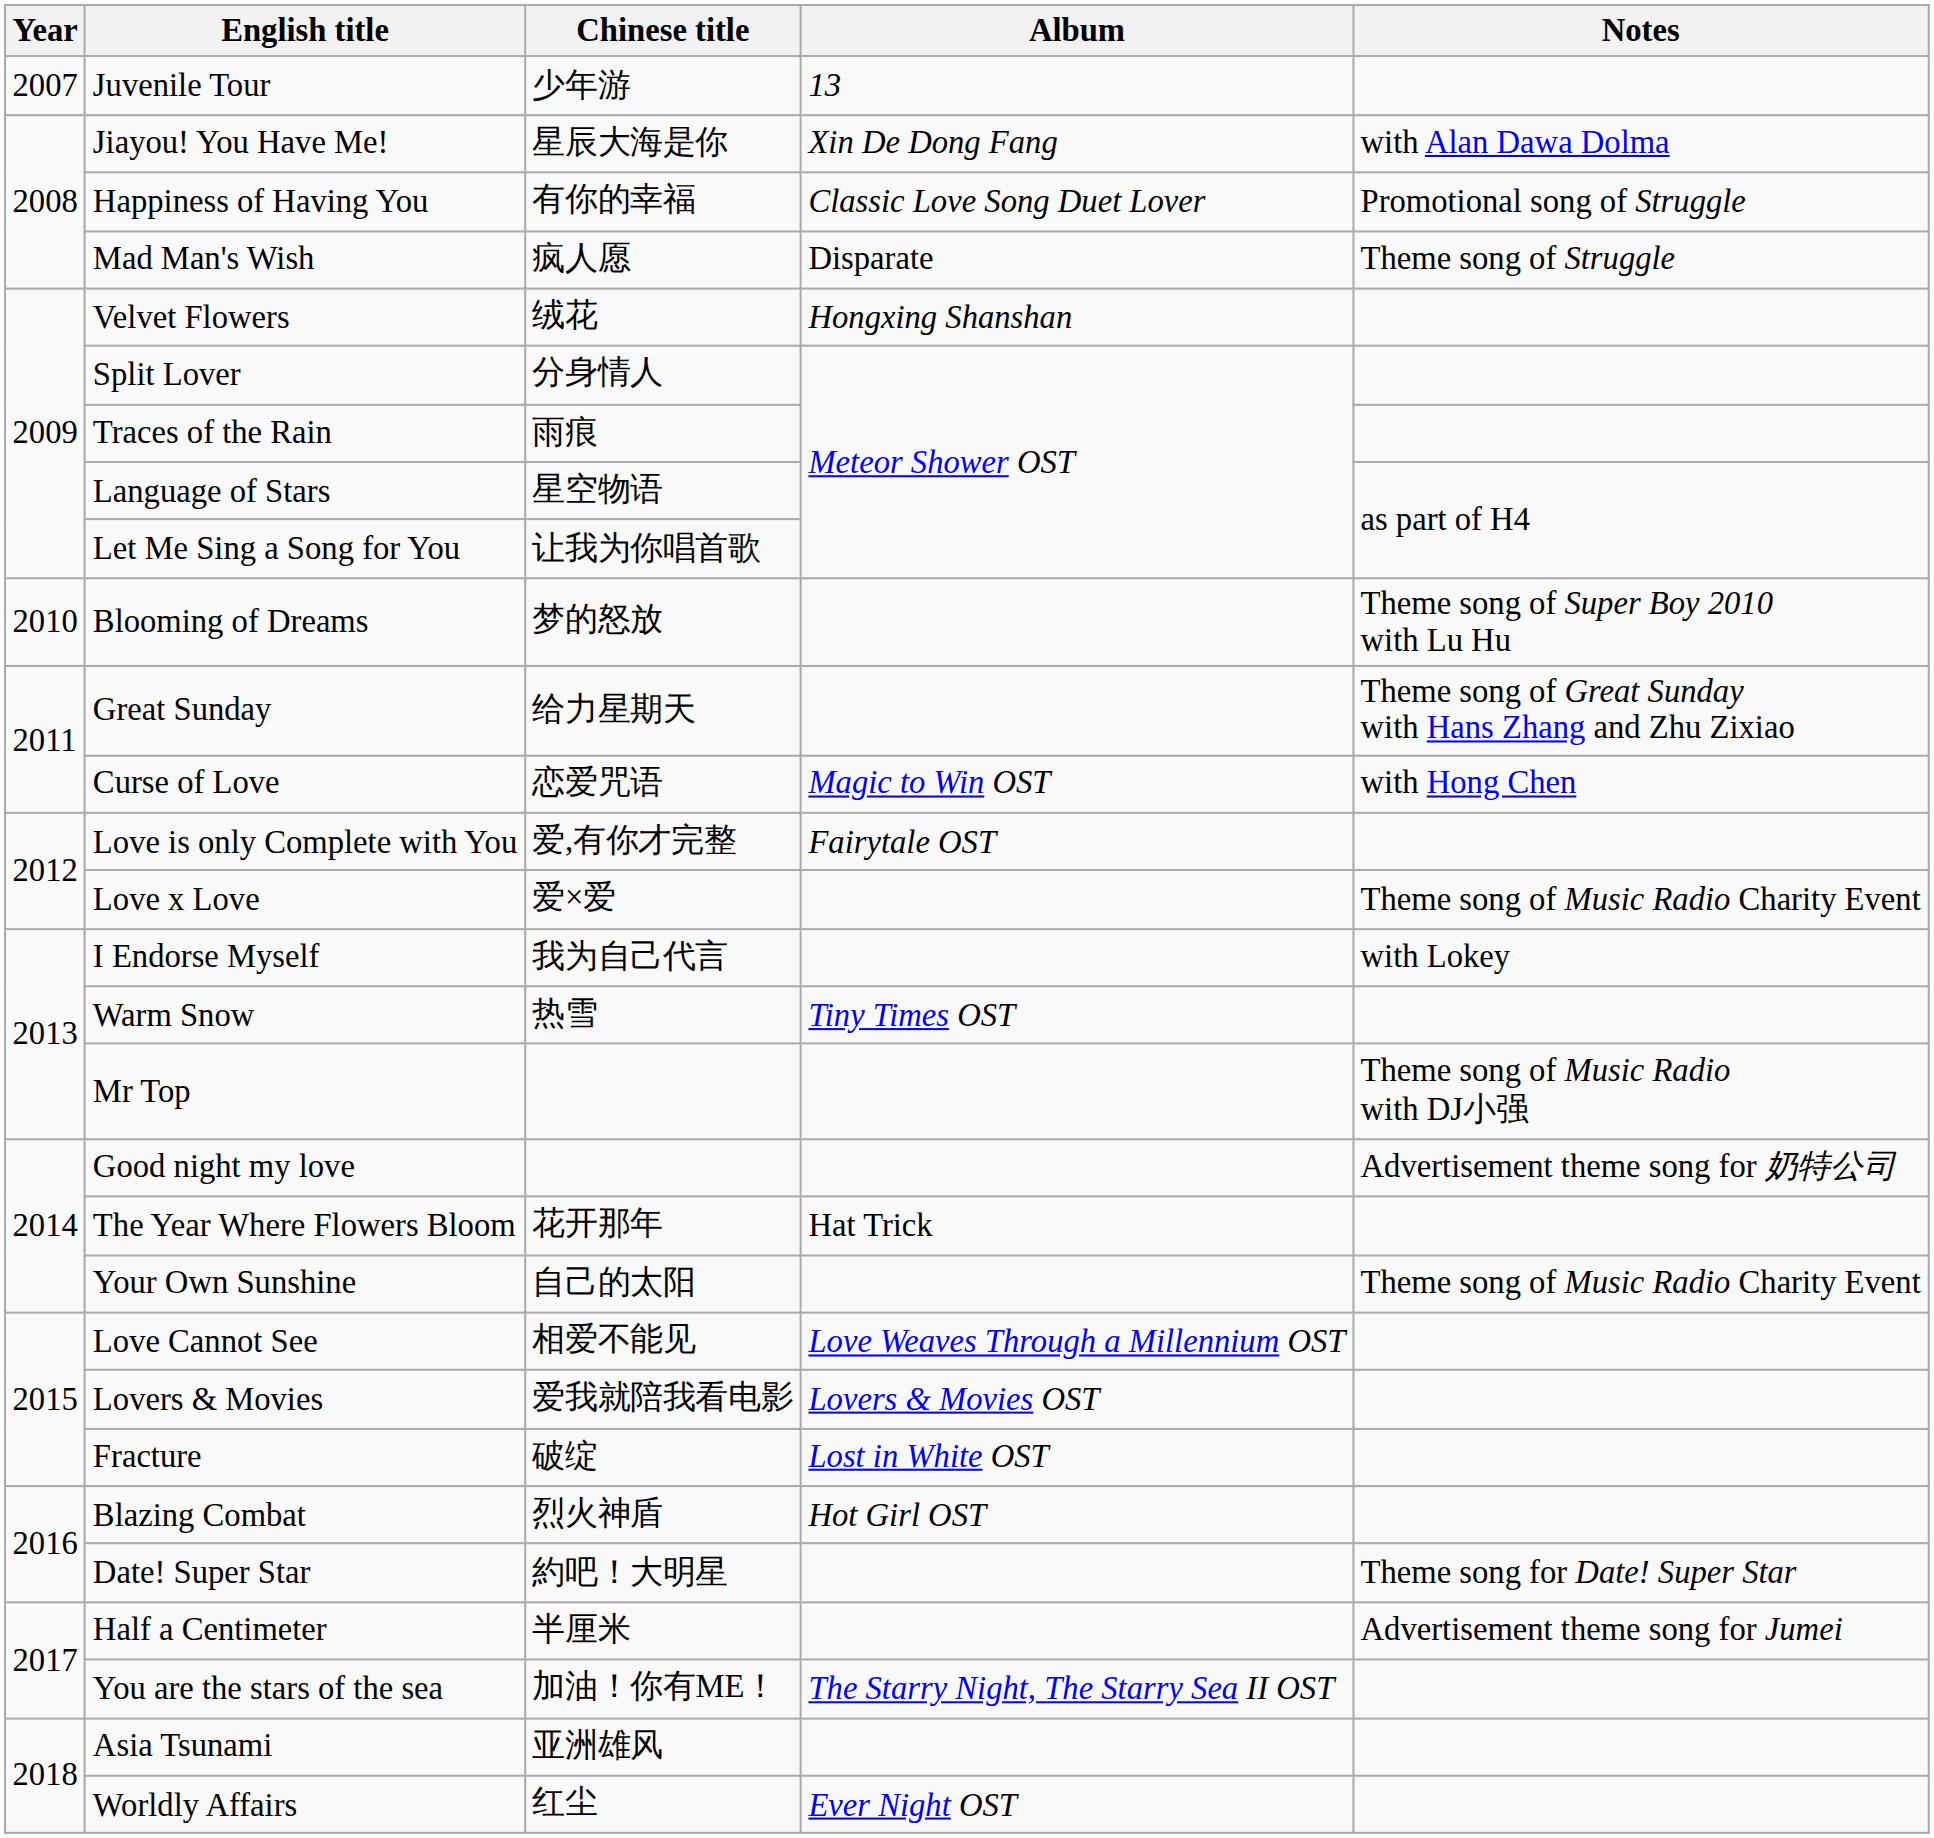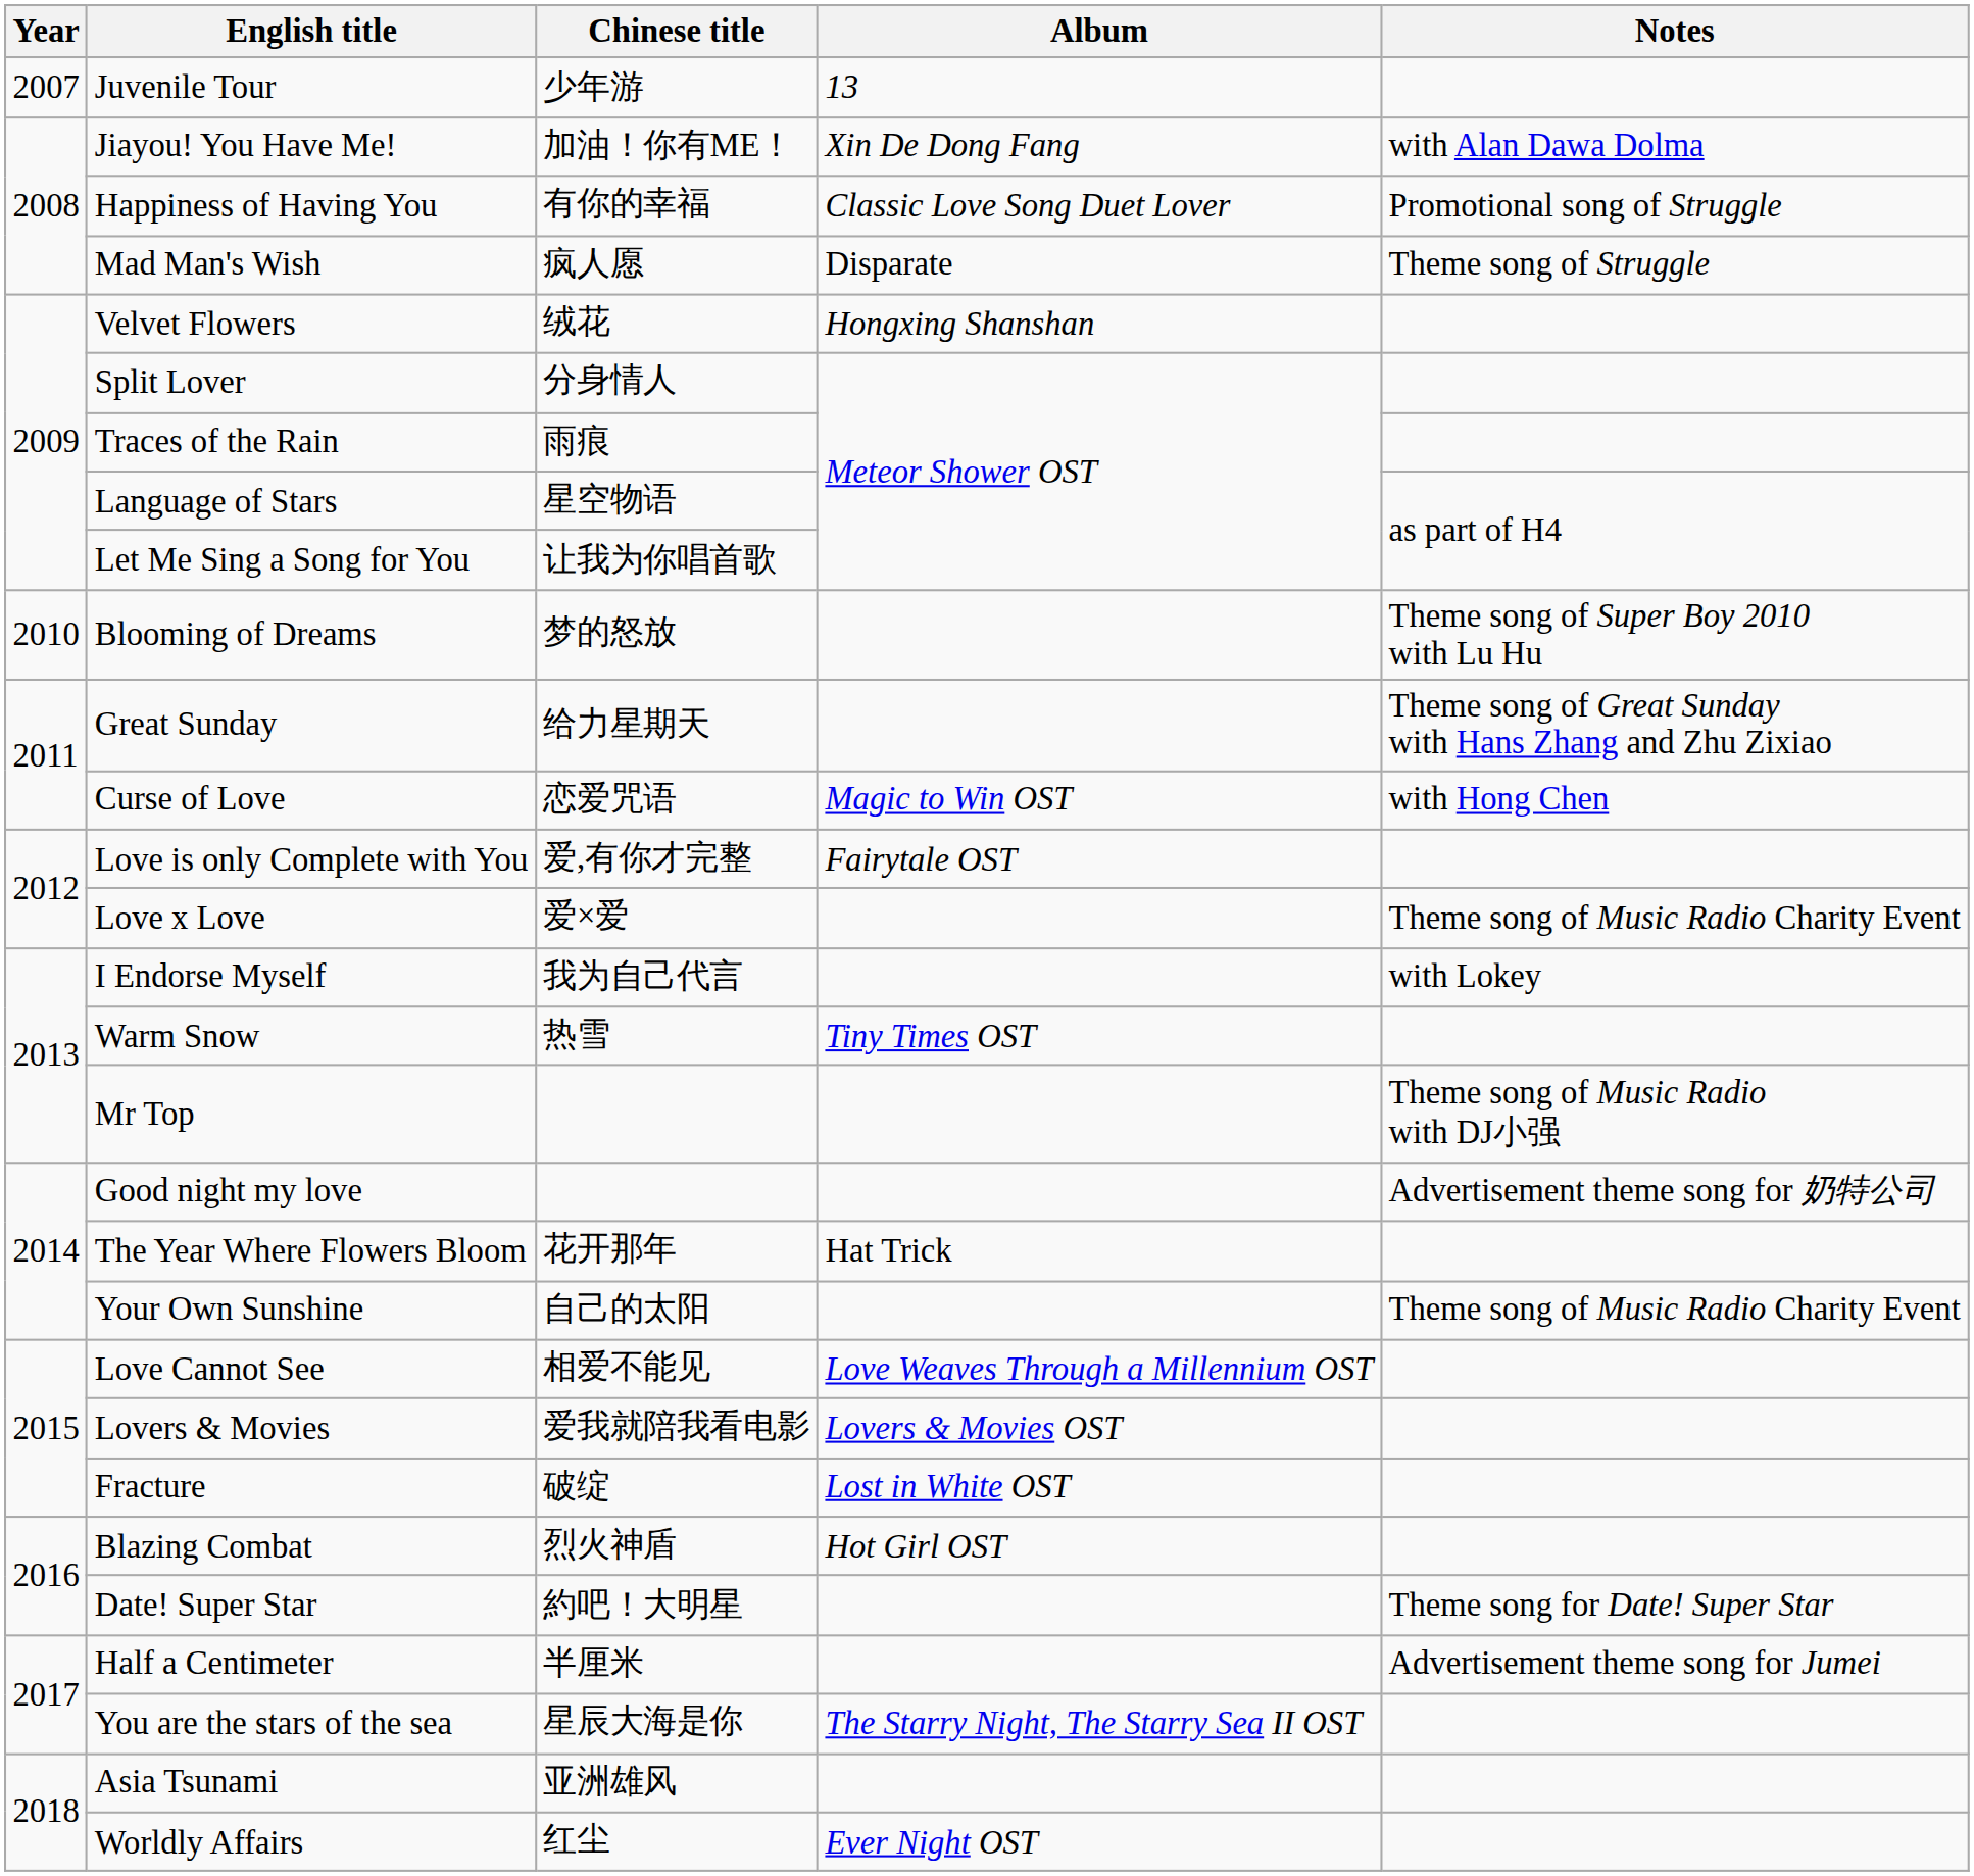 <table class="wikitable sortable">
 <tr>
 <th>Year</th>
 <th>English title</th>
 <th>Chinese title</th>
 <th>Album</th>
 <th>Notes</th>
 </tr>
 <tr>
 <td>2007</td>
 <td>Juvenile Tour</td>
 <td>少年游</td>
 <td><em>13</em></td>
 <td></td>
 </tr>
 <tr>
 <td rowspan=3>2008</td>
 <td>Jiayou! You Have Me!</td>
-<td>星辰大海是你</td>
+<td>加油！你有ME！</td>
 <td><em>Xin De Dong Fang</em></td>
 <td>with <a href='#'>Alan Dawa Dolma</a></td>
 </tr>
 <tr>
 <td>Happiness of Having You</td>
 <td>有你的幸福</td>
 <td><em>Classic Love Song Duet Lover</em></td>
 <td>Promotional song of <em>Struggle</em></td>
 </tr>
 <tr>
 <td>Mad Man's Wish</td>
 <td>疯人愿</td>
 <td>Disparate</td>
 <td>Theme song of <em>Struggle</em></td>
 </tr>
 <tr>
 <td rowspan=5>2009</td>
 <td>Velvet Flowers</td>
 <td>绒花</td>
 <td><em>Hongxing Shanshan</em></td>
 <td></td>
 </tr>
 <tr>
 <td>Split Lover</td>
 <td>分身情人</td>
 <td rowspan=4><em><a href='#'>Meteor Shower</a> OST</em></td>
 <td></td>
 </tr>
 <tr>
 <td>Traces of the Rain</td>
 <td>雨痕</td>
 <td></td>
 </tr>
 <tr>
 <td>Language of Stars</td>
 <td>星空物语</td>
 <td rowspan=2>as part of H4</td>
 </tr>
 <tr>
 <td>Let Me Sing a Song for You</td>
 <td>让我为你唱首歌</td>
 </tr>
 <tr>
 <td>2010</td>
 <td>Blooming of Dreams</td>
 <td>梦的怒放</td>
 <td></td>
 <td>Theme song of <em>Super Boy 2010</em><br>with Lu Hu</td>
 </tr>
 <tr>
 <td rowspan=2>2011</td>
 <td>Great Sunday</td>
 <td>给力星期天</td>
 <td></td>
 <td>Theme song of <em>Great Sunday</em><br>with <a href='#'>Hans Zhang</a> and Zhu Zixiao</td>
 </tr>
 <tr>
 <td>Curse of Love</td>
 <td>恋爱咒语</td>
 <td><em><a href='#'>Magic to Win</a> OST</em></td>
 <td>with <a href='#'>Hong Chen</a></td>
 </tr>
 <tr>
 <td rowspan=2>2012</td>
 <td>Love is only Complete with You</td>
 <td>爱,有你才完整</td>
 <td><em>Fairytale OST</em></td>
 <td></td>
 </tr>
 <tr>
 <td>Love x Love</td>
 <td>爱×爱</td>
 <td></td>
 <td>Theme song of <em>Music Radio</em> Charity Event</td>
 </tr>
 <tr>
 <td rowspan=3>2013</td>
 <td>I Endorse Myself</td>
 <td>我为自己代言</td>
 <td></td>
 <td>with Lokey</td>
 </tr>
 <tr>
 <td>Warm Snow</td>
 <td>热雪</td>
 <td><em><a href='#'>Tiny Times</a> OST</em></td>
 <td></td>
 </tr>
 <tr>
 <td>Mr Top</td>
 <td></td>
 <td></td>
 <td>Theme song of <em>Music Radio</em><br>with DJ小强</td>
 </tr>
 <tr>
 <td rowspan=3>2014</td>
 <td>Good night my love</td>
 <td></td>
 <td></td>
 <td>Advertisement theme song for <em>奶特公司</em></td>
 </tr>
 <tr>
 <td>The Year Where Flowers Bloom</td>
 <td>花开那年</td>
 <td>Hat Trick</td>
 <td></td>
 </tr>
 <tr>
 <td>Your Own Sunshine</td>
 <td>自己的太阳</td>
 <td></td>
 <td>Theme song of <em>Music Radio</em> Charity Event</td>
 </tr>
 <tr>
 <td rowspan=3>2015</td>
 <td>Love Cannot See</td>
 <td>相爱不能见</td>
 <td><em><a href='#'>Love Weaves Through a Millennium</a> OST</em></td>
 <td></td>
 </tr>
 <tr>
 <td>Lovers & Movies</td>
 <td>爱我就陪我看电影</td>
 <td><em><a href='#'>Lovers & Movies</a> OST</em></td>
 <td></td>
 </tr>
 <tr>
 <td>Fracture</td>
 <td>破绽</td>
 <td><em><a href='#'>Lost in White</a> OST</em></td>
 <td></td>
 </tr>
 <tr>
 <td rowspan=2>2016</td>
 <td>Blazing Combat</td>
 <td>烈火神盾</td>
 <td><em>Hot Girl OST</em></td>
 <td></td>
 </tr>
 <tr>
 <td>Date! Super Star</td>
 <td>約吧！大明星</td>
 <td></td>
 <td>Theme song for <em>Date! Super Star</em></td>
 </tr>
 <tr>
 <td rowspan=2>2017</td>
 <td>Half a Centimeter</td>
 <td>半厘米</td>
 <td></td>
 <td>Advertisement theme song for <em>Jumei</em></td>
 </tr>
 <tr>
 <td>You are the stars of the sea</td>
-<td>加油！你有ME！</td>
+<td>星辰大海是你</td>
 <td><em><a href='#'>The Starry Night, The Starry Sea</a> II OST</em></td>
 <td></td>
 </tr>
 <tr>
 <td rowspan=2>2018</td>
 <td>Asia Tsunami</td>
 <td>亚洲雄风</td>
 <td></td>
 <td></td>
 </tr>
 <tr>
 <td>Worldly Affairs</td>
 <td>红尘</td>
 <td><em><a href='#'>Ever Night</a> OST</em></td>
 <td></td>
 </tr>
 </table>
